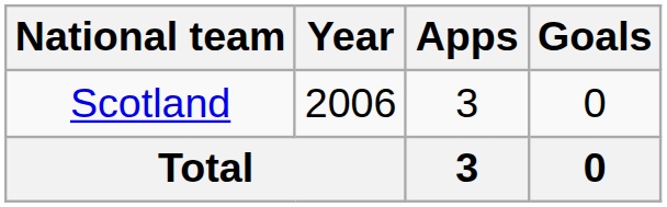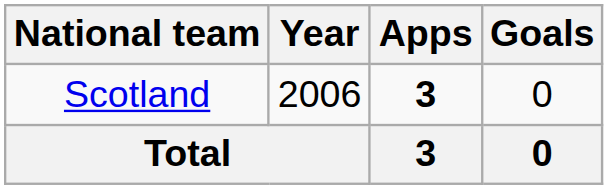 <table class="wikitable" style="text-align:center">
 <tr>
 <th>National team</th>
 <th>Year</th>
 <th>Apps</th>
 <th>Goals</th>
 </tr>
 <tr>
 <td><a href='#'>Scotland</a></td>
 <td>2006</td>
-<td>3</td>
+<td><strong>3</strong></td>
 <td>0</td>
 </tr>
 <tr>
 <th colspan=2>Total</th>
 <th>3</th>
 <th>0</th>
 </tr>
 </table>
